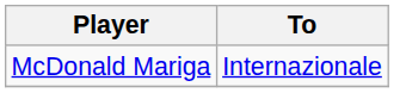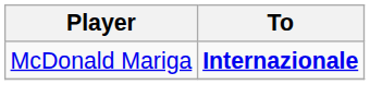 <table class="wikitable">
 <tr>
 <th>Player</th>
 <th>To</th>
 </tr>
 <tr |->
 <td> <a href='#'>McDonald Mariga</a></td>
-<td> <a href='#'>Internazionale</a></td>
+<td><strong> <a href='#'>Internazionale</a></strong></td>
 </tr>
 <tr>
 </tr>
 </table>
